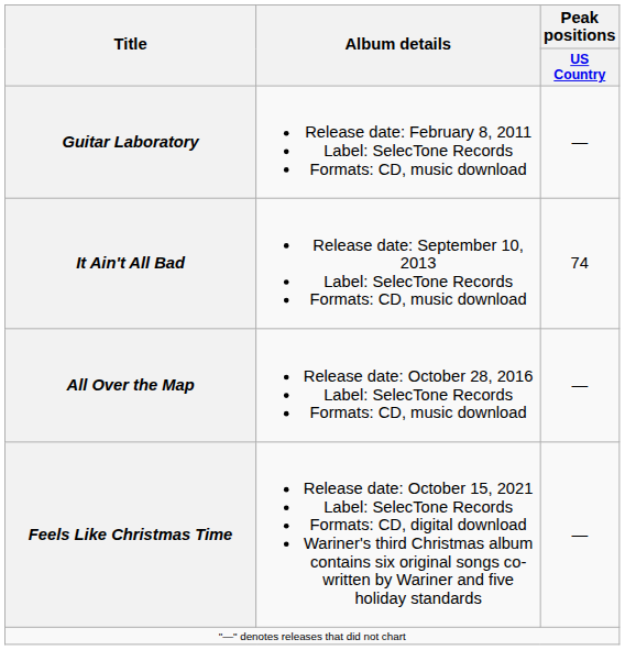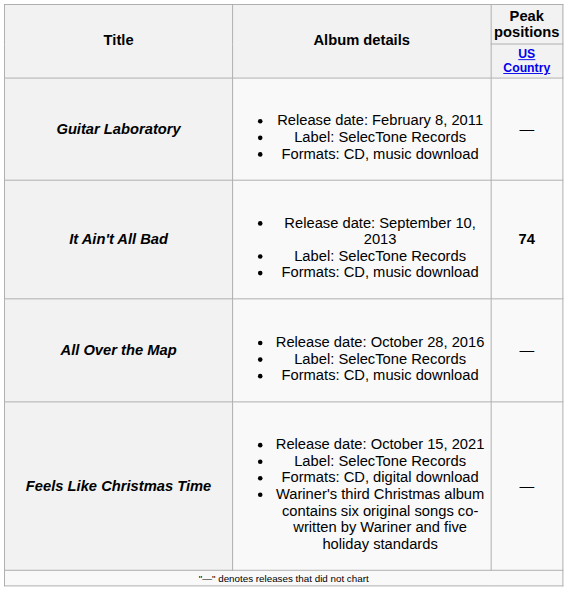 <table class="wikitable plainrowheaders" style="text-align:center;">
 <tr>
 <th rowspan="2" style="width:16em;">Title</th>
 <th rowspan="2" style="width:18em;">Album details</th>
 <th>Peak positions</th>
 </tr>
 <tr style="font-size:smaller;">
 <th width="65"><a href='#'>US Country</a><br></th>
 </tr>
 <tr>
 <th scope="row"><em>Guitar Laboratory</em></th>
 <td><br><ul><li>Release date: February 8, 2011</li><li>Label: SelecTone Records</li><li>Formats: CD, music download</li></ul></td>
 <td>—</td>
 </tr>
 <tr>
 <th scope="row"><em>It Ain't All Bad</em></th>
 <td><br><ul><li>Release date: September 10, 2013</li><li>Label: SelecTone Records</li><li>Formats: CD, music download</li></ul></td>
-<td>74</td>
+<td><strong>74</strong></td>
 </tr>
 <tr>
 <th scope="row"><em>All Over the Map</em></th>
 <td><br><ul><li>Release date: October 28, 2016</li><li>Label: SelecTone Records</li><li>Formats: CD, music download</li></ul></td>
 <td>—</td>
 </tr>
 <tr>
 <th scope="row"><em>Feels Like Christmas Time</em></th>
 <td><br><ul><li>Release date: October 15, 2021</li><li>Label: SelecTone Records</li><li>Formats: CD, digital download</li><li>Wariner's third Christmas album contains six original songs co-written by Wariner and five holiday standards</li></ul></td>
 <td>—</td>
 </tr>
 <tr>
 <td colspan="3" style="font-size:8pt">"—" denotes releases that did not chart</td>
 </tr>
 </table>
